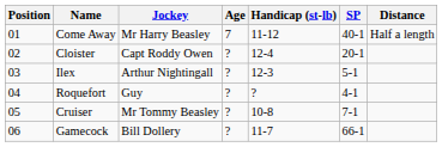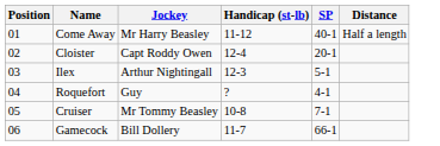 <table class="wikitable sortable">
 <tr>
 <th data-sort-type="number">Position</th>
 <th>Name</th>
 <th><a href='#'>Jockey</a></th>
-<th data-sort-type="number">Age</th>
 <th>Handicap (<a href='#'>st</a>-<a href='#'>lb</a>)</th>
 <th><a href='#'>SP</a></th>
 <th>Distance</th>
 </tr>
 <tr>
 <td>01</td>
 <td>Come Away</td>
 <td>Mr Harry Beasley</td>
-<td>7</td>
 <td>11-12</td>
 <td>40-1</td>
 <td>Half a length</td>
 </tr>
 <tr>
 <td>02</td>
 <td>Cloister</td>
 <td>Capt Roddy Owen</td>
-<td>?</td>
 <td>12-4</td>
 <td>20-1</td>
 <td></td>
 </tr>
 <tr>
 <td>03</td>
 <td>Ilex</td>
 <td>Arthur Nightingall</td>
-<td>?</td>
 <td>12-3</td>
 <td>5-1</td>
 <td></td>
 </tr>
 <tr>
 <td>04</td>
 <td>Roquefort</td>
 <td>Guy</td>
 <td>?</td>
-<td>?</td>
 <td>4-1</td>
 <td></td>
 </tr>
 <tr>
 <td>05</td>
 <td>Cruiser</td>
 <td>Mr Tommy Beasley</td>
-<td>?</td>
 <td>10-8</td>
 <td>7-1</td>
 <td></td>
 </tr>
 <tr>
 <td>06</td>
 <td>Gamecock</td>
 <td>Bill Dollery</td>
-<td>?</td>
 <td>11-7</td>
 <td>66-1</td>
 <td></td>
 </tr>
 </table>
